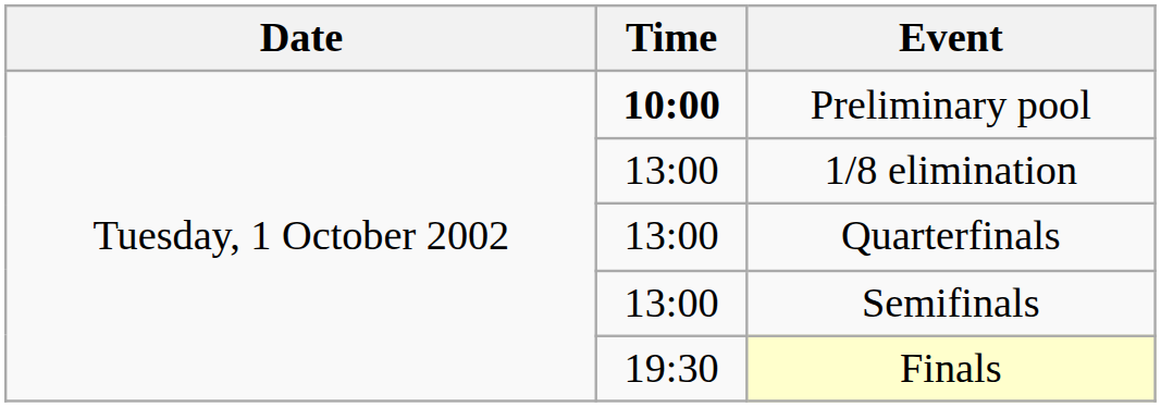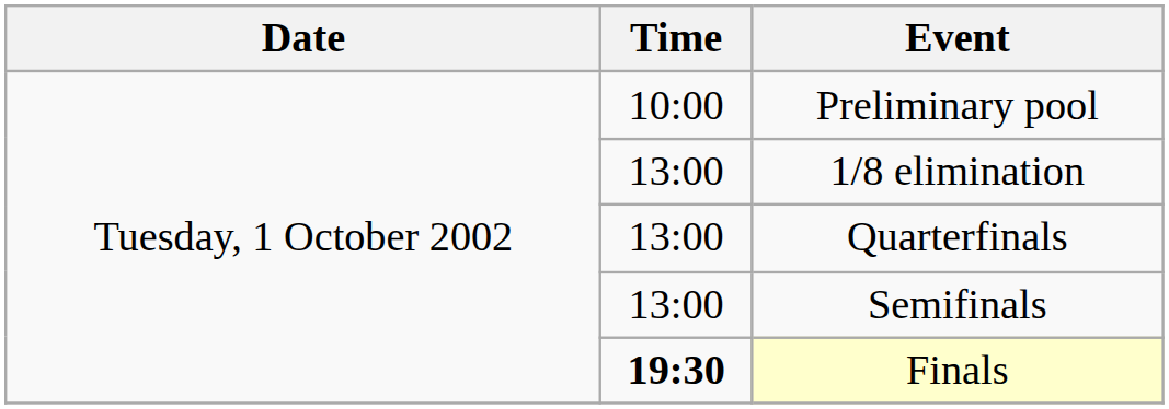 <table class = "wikitable" style="text-align:center;">
 <tr>
 <th width=220>Date</th>
 <th width=50>Time</th>
 <th width=150>Event</th>
 </tr>
 <tr>
 <td rowspan=5>Tuesday, 1 October 2002</td>
-<td><strong>10:00</strong></td>
+<td>10:00</td>
 <td>Preliminary pool</td>
 </tr>
 <tr>
 <td>13:00</td>
 <td>1/8 elimination</td>
 </tr>
 <tr>
 <td>13:00</td>
 <td>Quarterfinals</td>
 </tr>
 <tr>
 <td>13:00</td>
 <td>Semifinals</td>
 </tr>
 <tr>
-<td>19:30</td>
+<td><strong>19:30</strong></td>
 <td bgcolor=ffffcc>Finals</td>
 </tr>
 </table>
